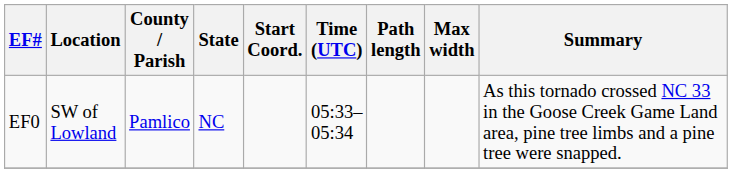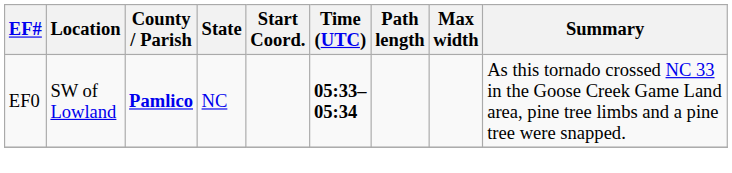 <table class="wikitable sortable" style="width:100%;">
 <tr>
 <th scope="col"  style="width:3%; text-align:center;"><a href='#'>EF#</a></th>
 <th scope="col"  style="width:7%; text-align:center;" class="unsortable">Location</th>
 <th scope="col"  style="width:6%; text-align:center;" class="unsortable">County / Parish</th>
 <th scope="col"  style="width:5%; text-align:center;">State</th>
 <th scope="col"  style="width:6%; text-align:center;">Start Coord.</th>
 <th scope="col"  style="width:6%; text-align:center;">Time (<a href='#'>UTC</a>)</th>
 <th scope="col"  style="width:6%; text-align:center;">Path length</th>
 <th scope="col"  style="width:6%; text-align:center;">Max width</th>
 <th scope="col" class="unsortable" style="width:48%; text-align:center;">Summary</th>
 </tr>
 <tr>
 <td>EF0</td>
 <td>SW of <a href='#'>Lowland</a></td>
-<td><a href='#'>Pamlico</a></td>
+<td><strong><a href='#'>Pamlico</a></strong></td>
 <td><a href='#'>NC</a></td>
 <td></td>
-<td>05:33–05:34</td>
+<td><strong>05:33–05:34</strong></td>
 <td></td>
 <td></td>
 <td>As this tornado crossed <a href='#'>NC 33</a> in the Goose Creek Game Land area, pine tree limbs and a pine tree were snapped.</td>
 </tr>
 <tr>
 </tr>
 </table>
